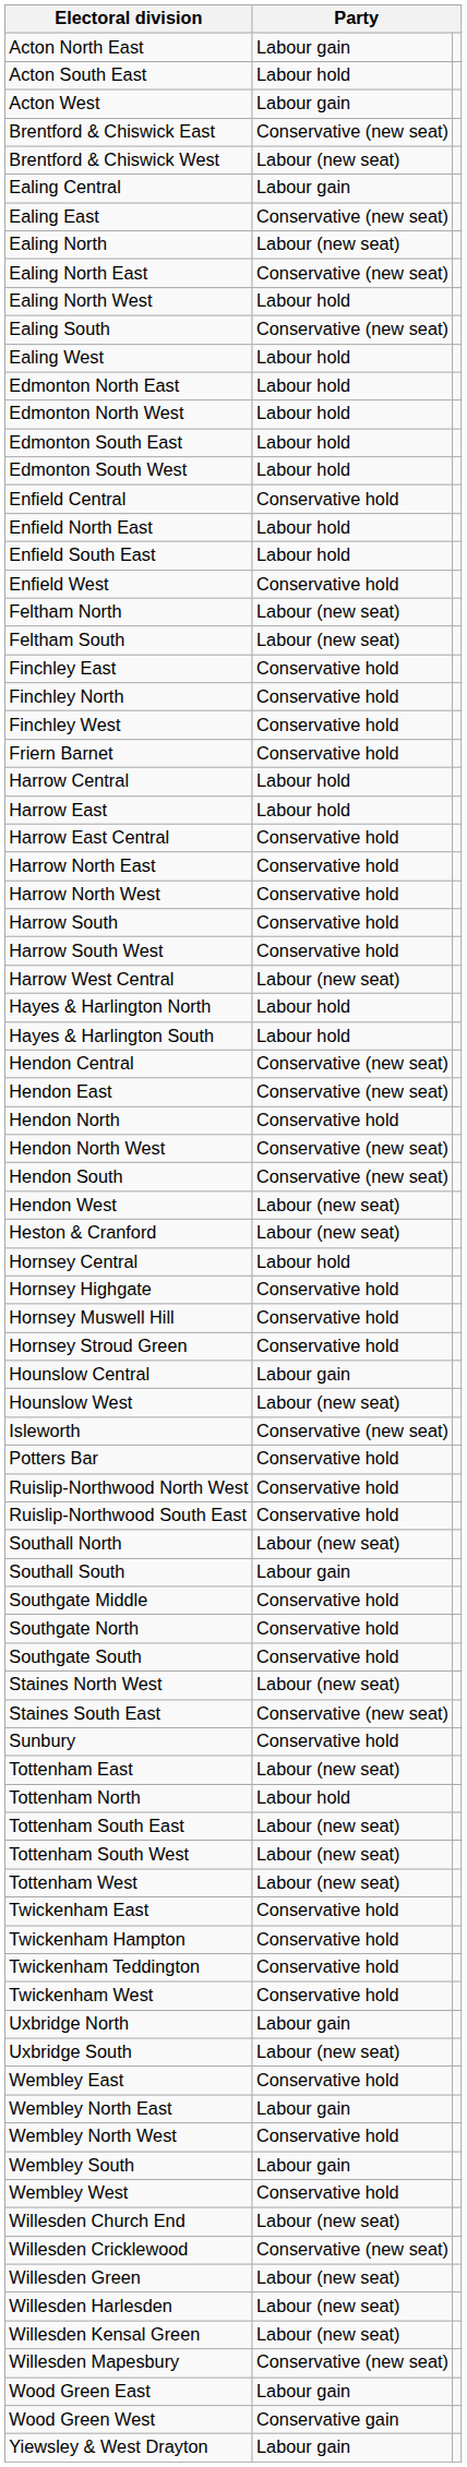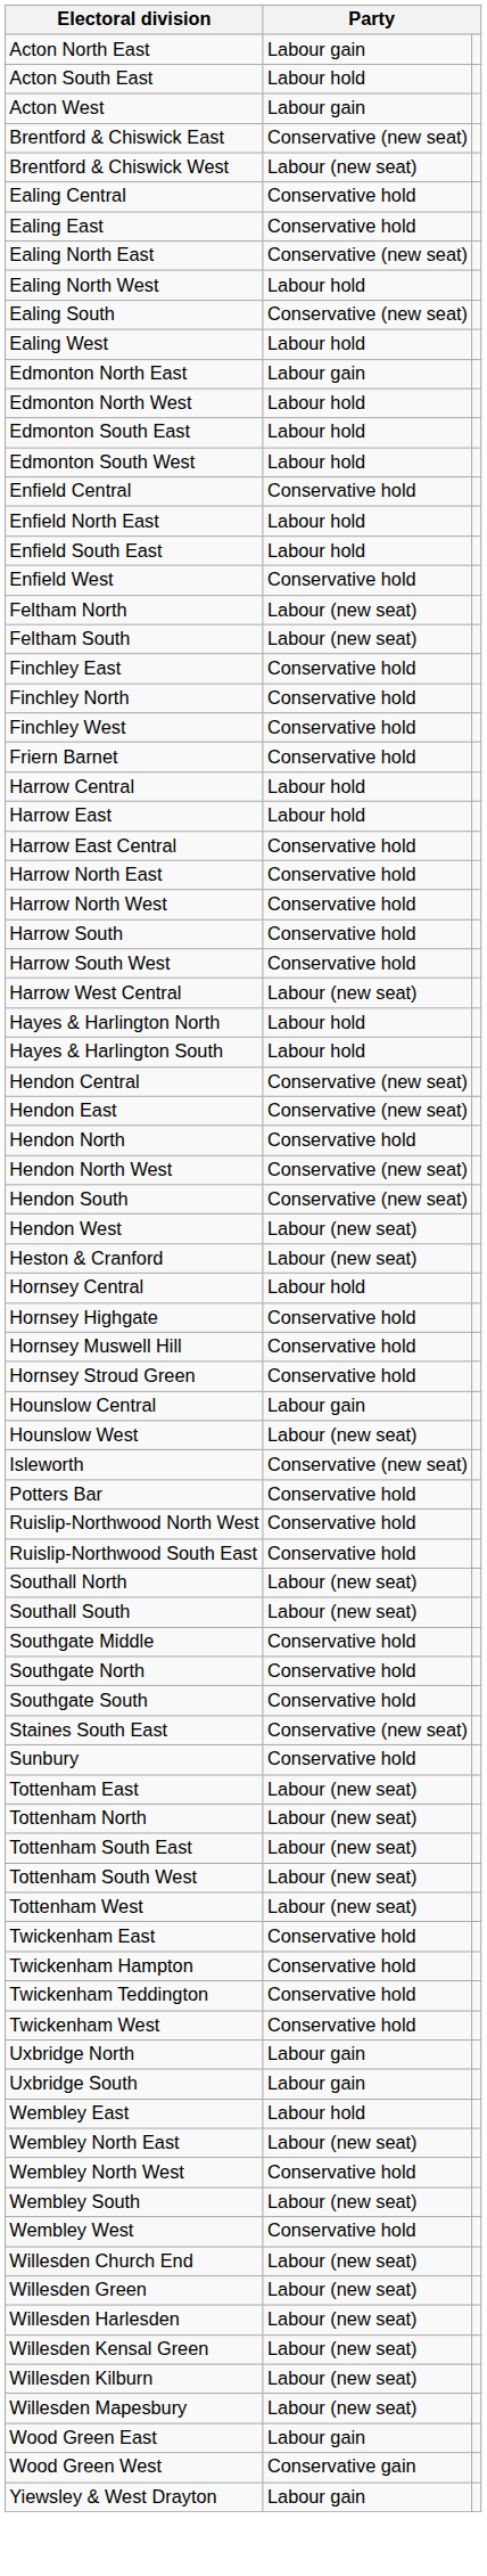 <table class="wikitable mw-collapsible mw-collapsed">
 <tr>
 <th>Electoral division</th>
 <th colspan="2">Party</th>
 </tr>
 <tr>
 <td>Acton North East</td>
 <td>Labour gain</td>
 <td style="background-color: "></td>
 </tr>
 <tr>
 <td>Acton South East</td>
 <td>Labour hold</td>
 <td style="background-color: "></td>
 </tr>
 <tr>
 <td>Acton West</td>
 <td>Labour gain</td>
 <td style="background-color: "></td>
 </tr>
 <tr>
 <td>Brentford & Chiswick East</td>
 <td>Conservative (new seat)</td>
 <td style="background-color: "></td>
 </tr>
 <tr>
 <td>Brentford & Chiswick West</td>
 <td>Labour (new seat)</td>
 <td style="background-color: "></td>
 </tr>
 <tr>
 <td>Ealing Central</td>
-<td>Labour gain</td>
+<td>Conservative hold</td>
 <td style="background-color: "></td>
 </tr>
 <tr>
 <td>Ealing East</td>
-<td>Conservative (new seat)</td>
-<td style="background-color: "></td>
-</tr>
-<tr>
-<td>Ealing North</td>
-<td>Labour (new seat)</td>
+<td>Conservative hold</td>
 <td style="background-color: "></td>
 </tr>
 <tr>
 <td>Ealing North East</td>
 <td>Conservative (new seat)</td>
 <td style="background-color: "></td>
 </tr>
 <tr>
 <td>Ealing North West</td>
 <td>Labour hold</td>
 <td style="background-color: "></td>
 </tr>
 <tr>
 <td>Ealing South</td>
 <td>Conservative (new seat)</td>
 <td style="background-color: "></td>
 </tr>
 <tr>
 <td>Ealing West</td>
 <td>Labour hold</td>
 <td style="background-color: "></td>
 </tr>
 <tr>
 <td>Edmonton North East</td>
-<td>Labour hold</td>
+<td>Labour gain</td>
 <td style="background-color: "></td>
 </tr>
 <tr>
 <td>Edmonton North West</td>
 <td>Labour hold</td>
 <td style="background-color: "></td>
 </tr>
 <tr>
 <td>Edmonton South East</td>
 <td>Labour hold</td>
 <td style="background-color: "></td>
 </tr>
 <tr>
 <td>Edmonton South West</td>
 <td>Labour hold</td>
 <td style="background-color: "></td>
 </tr>
 <tr>
 <td>Enfield Central</td>
 <td>Conservative hold</td>
 <td style="background-color: "></td>
 </tr>
 <tr>
 <td>Enfield North East</td>
 <td>Labour hold</td>
 <td style="background-color: "></td>
 </tr>
 <tr>
 <td>Enfield South East</td>
 <td>Labour hold</td>
 <td style="background-color: "></td>
 </tr>
 <tr>
 <td>Enfield West</td>
 <td>Conservative hold</td>
 <td style="background-color: "></td>
 </tr>
 <tr>
 <td>Feltham North</td>
 <td>Labour (new seat)</td>
 <td style="background-color: "></td>
 </tr>
 <tr>
 <td>Feltham South</td>
 <td>Labour (new seat)</td>
 <td style="background-color: "></td>
 </tr>
 <tr>
 <td>Finchley East</td>
 <td>Conservative hold</td>
 <td style="background-color: "></td>
 </tr>
 <tr>
 <td>Finchley North</td>
 <td>Conservative hold</td>
 <td style="background-color: "></td>
 </tr>
 <tr>
 <td>Finchley West</td>
 <td>Conservative hold</td>
 <td style="background-color: "></td>
 </tr>
 <tr>
 <td>Friern Barnet</td>
 <td>Conservative hold</td>
 <td style="background-color: "></td>
 </tr>
 <tr>
 <td>Harrow Central</td>
 <td>Labour hold</td>
 <td style="background-color: "></td>
 </tr>
 <tr>
 <td>Harrow East</td>
 <td>Labour hold</td>
 <td style="background-color: "></td>
 </tr>
 <tr>
 <td>Harrow East Central</td>
 <td>Conservative hold</td>
 <td style="background-color: "></td>
 </tr>
 <tr>
 <td>Harrow North East</td>
 <td>Conservative hold</td>
 <td style="background-color: "></td>
 </tr>
 <tr>
 <td>Harrow North West</td>
 <td>Conservative hold</td>
 <td style="background-color: "></td>
 </tr>
 <tr>
 <td>Harrow South</td>
 <td>Conservative hold</td>
 <td style="background-color: "></td>
 </tr>
 <tr>
 <td>Harrow South West</td>
 <td>Conservative hold</td>
 <td style="background-color: "></td>
 </tr>
 <tr>
 <td>Harrow West Central</td>
 <td>Labour (new seat)</td>
 <td style="background-color: "></td>
 </tr>
 <tr>
 <td>Hayes & Harlington North</td>
 <td>Labour hold</td>
 <td style="background-color: "></td>
 </tr>
 <tr>
 <td>Hayes & Harlington South</td>
 <td>Labour hold</td>
 <td style="background-color: "></td>
 </tr>
 <tr>
 <td>Hendon Central</td>
 <td>Conservative (new seat)</td>
 <td style="background-color: "></td>
 </tr>
 <tr>
 <td>Hendon East</td>
 <td>Conservative (new seat)</td>
 <td style="background-color: "></td>
 </tr>
 <tr>
 <td>Hendon North</td>
 <td>Conservative hold</td>
 <td style="background-color: "></td>
 </tr>
 <tr>
 <td>Hendon North West</td>
 <td>Conservative (new seat)</td>
 <td style="background-color: "></td>
 </tr>
 <tr>
 <td>Hendon South</td>
 <td>Conservative (new seat)</td>
 <td style="background-color: "></td>
 </tr>
 <tr>
 <td>Hendon West</td>
 <td>Labour (new seat)</td>
 <td style="background-color: "></td>
 </tr>
 <tr>
 <td>Heston & Cranford</td>
 <td>Labour (new seat)</td>
 <td style="background-color: "></td>
 </tr>
 <tr>
 <td>Hornsey Central</td>
 <td>Labour hold</td>
 <td style="background-color: "></td>
 </tr>
 <tr>
 <td>Hornsey Highgate</td>
 <td>Conservative hold</td>
 <td style="background-color: "></td>
 </tr>
 <tr>
 <td>Hornsey Muswell Hill</td>
 <td>Conservative hold</td>
 <td style="background-color: "></td>
 </tr>
 <tr>
 <td>Hornsey Stroud Green</td>
 <td>Conservative hold</td>
 <td style="background-color: "></td>
 </tr>
 <tr>
 <td>Hounslow Central</td>
 <td>Labour gain</td>
 <td style="background-color: "></td>
 </tr>
 <tr>
 <td>Hounslow West</td>
 <td>Labour (new seat)</td>
 <td style="background-color: "></td>
 </tr>
 <tr>
 <td>Isleworth</td>
 <td>Conservative (new seat)</td>
 <td style="background-color: "></td>
 </tr>
 <tr>
 <td>Potters Bar</td>
 <td>Conservative hold</td>
 <td style="background-color: "></td>
 </tr>
 <tr>
 <td>Ruislip-Northwood North West</td>
 <td>Conservative hold</td>
 <td style="background-color: "></td>
 </tr>
 <tr>
 <td>Ruislip-Northwood South East</td>
 <td>Conservative hold</td>
 <td style="background-color: "></td>
 </tr>
 <tr>
 <td>Southall North</td>
 <td>Labour (new seat)</td>
 <td style="background-color: "></td>
 </tr>
 <tr>
 <td>Southall South</td>
-<td>Labour gain</td>
+<td>Labour (new seat)</td>
 <td style="background-color: "></td>
 </tr>
 <tr>
 <td>Southgate Middle</td>
 <td>Conservative hold</td>
 <td style="background-color: "></td>
 </tr>
 <tr>
 <td>Southgate North</td>
 <td>Conservative hold</td>
 <td style="background-color: "></td>
 </tr>
 <tr>
 <td>Southgate South</td>
 <td>Conservative hold</td>
-<td style="background-color: "></td>
-</tr>
-<tr>
-<td>Staines North West</td>
-<td>Labour (new seat)</td>
 <td style="background-color: "></td>
 </tr>
 <tr>
 <td>Staines South East</td>
 <td>Conservative (new seat)</td>
 <td style="background-color: "></td>
 </tr>
 <tr>
 <td>Sunbury</td>
 <td>Conservative hold</td>
 <td style="background-color: "></td>
 </tr>
 <tr>
 <td>Tottenham East</td>
 <td>Labour (new seat)</td>
 <td style="background-color: "></td>
 </tr>
 <tr>
 <td>Tottenham North</td>
-<td>Labour hold</td>
+<td>Labour (new seat)</td>
 <td style="background-color: "></td>
 </tr>
 <tr>
 <td>Tottenham South East</td>
 <td>Labour (new seat)</td>
 <td style="background-color: "></td>
 </tr>
 <tr>
 <td>Tottenham South West</td>
 <td>Labour (new seat)</td>
 <td style="background-color: "></td>
 </tr>
 <tr>
 <td>Tottenham West</td>
 <td>Labour (new seat)</td>
 <td style="background-color: "></td>
 </tr>
 <tr>
 <td>Twickenham East</td>
 <td>Conservative hold</td>
 <td style="background-color: "></td>
 </tr>
 <tr>
 <td>Twickenham Hampton</td>
 <td>Conservative hold</td>
 <td style="background-color: "></td>
 </tr>
 <tr>
 <td>Twickenham Teddington</td>
 <td>Conservative hold</td>
 <td style="background-color: "></td>
 </tr>
 <tr>
 <td>Twickenham West</td>
 <td>Conservative hold</td>
 <td style="background-color: "></td>
 </tr>
 <tr>
 <td>Uxbridge North</td>
 <td>Labour gain</td>
 <td style="background-color: "></td>
 </tr>
 <tr>
 <td>Uxbridge South</td>
-<td>Labour (new seat)</td>
+<td>Labour gain</td>
 <td style="background-color: "></td>
 </tr>
 <tr>
 <td>Wembley East</td>
-<td>Conservative hold</td>
+<td>Labour hold</td>
 <td style="background-color: "></td>
 </tr>
 <tr>
 <td>Wembley North East</td>
-<td>Labour gain</td>
+<td>Labour (new seat)</td>
 <td style="background-color: "></td>
 </tr>
 <tr>
 <td>Wembley North West</td>
 <td>Conservative hold</td>
 <td style="background-color: "></td>
 </tr>
 <tr>
 <td>Wembley South</td>
-<td>Labour gain</td>
+<td>Labour (new seat)</td>
 <td style="background-color: "></td>
 </tr>
 <tr>
 <td>Wembley West</td>
 <td>Conservative hold</td>
 <td style="background-color: "></td>
 </tr>
 <tr>
 <td>Willesden Church End</td>
 <td>Labour (new seat)</td>
-<td style="background-color: "></td>
-</tr>
-<tr>
-<td>Willesden Cricklewood</td>
-<td>Conservative (new seat)</td>
 <td style="background-color: "></td>
 </tr>
 <tr>
 <td>Willesden Green</td>
 <td>Labour (new seat)</td>
 <td style="background-color: "></td>
 </tr>
 <tr>
 <td>Willesden Harlesden</td>
 <td>Labour (new seat)</td>
 <td style="background-color: "></td>
 </tr>
 <tr>
 <td>Willesden Kensal Green</td>
 <td>Labour (new seat)</td>
 <td style="background-color: "></td>
 </tr>
 <tr>
+<td>Willesden Kilburn</td>
+<td>Labour (new seat)</td>
+<td style="background-color: "></td>
+</tr>
+<tr>
 <td>Willesden Mapesbury</td>
-<td>Conservative (new seat)</td>
+<td>Labour (new seat)</td>
 <td style="background-color: "></td>
 </tr>
 <tr>
 <td>Wood Green East</td>
 <td>Labour gain</td>
 <td style="background-color: "></td>
 </tr>
 <tr>
 <td>Wood Green West</td>
 <td>Conservative gain</td>
 <td style="background-color: "></td>
 </tr>
 <tr>
 <td>Yiewsley & West Drayton</td>
 <td>Labour gain</td>
 <td style="background-color: "></td>
 </tr>
 </table>
